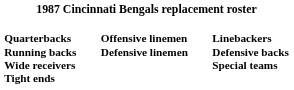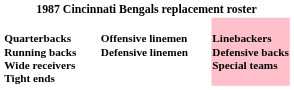 <table class="toccolours" style="text-align:left">
 <tr>
 <th colspan="7" style="text-align:center; "><strong>1987 Cincinnati Bengals replacement roster</strong></th>
 </tr>
 <tr>
 <td style="font-size: 95%;" valign="top"><br><strong>Quarterbacks</strong>   <br><strong>Running backs</strong>     <br><strong>Wide receivers</strong>       <br><strong>Tight ends</strong>   </td>
 <td style="width: 25px;"></td>
 <td style="font-size: 95%;" valign="top"><br><strong>Offensive linemen</strong>        <br><strong>Defensive linemen</strong>      </td>
 <td style="width: 25px;"></td>
-<td style="font-size: 95%;" valign="top"><br><strong>Linebackers</strong>       <br><strong>Defensive backs</strong>        <br><strong>Special teams</strong>  </td>
+<td style="background: pink; font-size: 95%;" valign="top"><br><strong>Linebackers</strong>       <br><strong>Defensive backs</strong>        <br><strong>Special teams</strong>  </td>
 </tr>
 </table>
